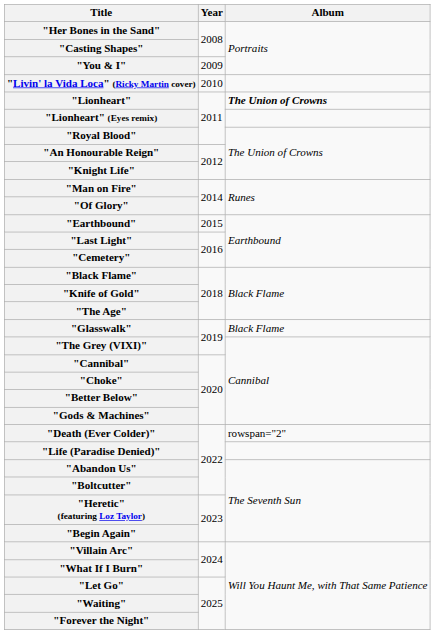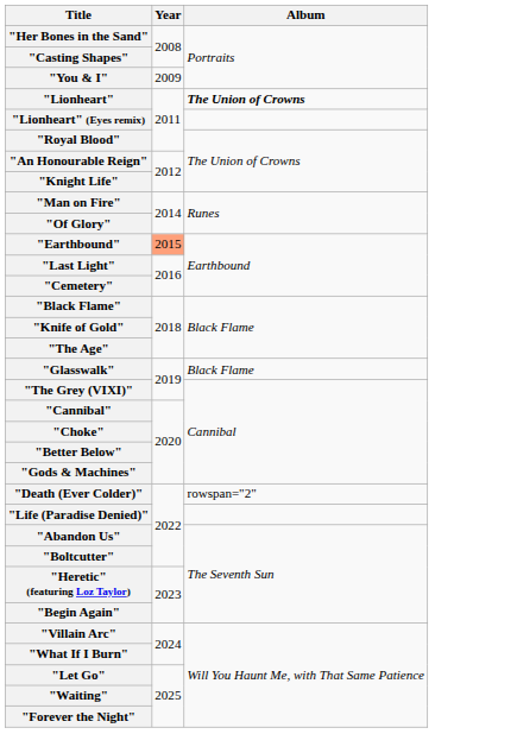 <table class="wikitable plainrowheaders">
 <tr>
 <th>Title</th>
 <th>Year</th>
 <th>Album</th>
 </tr>
 <tr>
 <th scope="row">"Her Bones in the Sand"</th>
 <td rowspan="2">2008</td>
 <td rowspan="3"><em>Portraits</em></td>
 </tr>
 <tr>
 <th scope="row">"Casting Shapes"</th>
 </tr>
 <tr>
 <th scope="row">"You & I"</th>
 <td>2009</td>
-</tr>
-<tr>
-<th scope="row">"<a href='#'>Livin' la Vida Loca</a>" <small>(<a href='#'>Ricky Martin</a> cover)</small></th>
-<td>2010</td>
-<td></td>
 </tr>
 <tr>
 <th scope="row">"Lionheart"</th>
 <td rowspan="3">2011</td>
 <td><strong><em>The Union of Crowns</em></strong></td>
 </tr>
 <tr>
 <th scope="row">"Lionheart" <small>(Eyes remix)</small></th>
 <td></td>
 </tr>
 <tr>
 <th scope="row">"Royal Blood"</th>
 <td rowspan="3"><em>The Union of Crowns</em></td>
 </tr>
 <tr>
 <th scope="row">"An Honourable Reign"</th>
 <td rowspan="2">2012</td>
 </tr>
 <tr>
 <th scope="row">"Knight Life"</th>
 </tr>
 <tr>
 <th scope="row">"Man on Fire"</th>
 <td rowspan="2">2014</td>
 <td rowspan="2"><em>Runes</em></td>
 </tr>
 <tr>
 <th scope="row">"Of Glory"</th>
 </tr>
 <tr>
 <th scope="row">"Earthbound"</th>
-<td>2015</td>
+<td style="background: lightsalmon;">2015</td>
 <td rowspan="3"><em>Earthbound</em></td>
 </tr>
 <tr>
 <th scope="row">"Last Light"</th>
 <td rowspan="2">2016</td>
 </tr>
 <tr>
 <th scope="row">"Cemetery"</th>
 </tr>
 <tr>
 <th scope="row">"Black Flame"</th>
 <td rowspan="3">2018</td>
 <td rowspan="3"><em>Black Flame</em></td>
 </tr>
 <tr>
 <th scope="row">"Knife of Gold"</th>
 </tr>
 <tr>
 <th scope="row">"The Age"</th>
 </tr>
 <tr>
 <th scope="row">"Glasswalk"</th>
 <td rowspan="2">2019</td>
 <td><em>Black Flame</em> </td>
 </tr>
 <tr>
 <th scope="row">"The Grey (VIXI)"</th>
 <td rowspan="5"><em>Cannibal</em></td>
 </tr>
 <tr>
 <th scope="row">"Cannibal"</th>
 <td rowspan="4">2020</td>
 </tr>
 <tr>
 <th scope="row">"Choke"</th>
 </tr>
 <tr>
 <th scope="row">"Better Below"</th>
 </tr>
 <tr>
 <th scope="row">"Gods & Machines"</th>
 </tr>
 <tr>
 <th scope="row">"Death (Ever Colder)"</th>
 <td rowspan="4">2022</td>
 <td>rowspan="2" </td>
 </tr>
 <tr>
 <th scope="row">"Life (Paradise Denied)"</th>
 </tr>
 <tr>
 <th scope="row">"Abandon Us"</th>
 <td rowspan="4"><em>The Seventh Sun</em></td>
 </tr>
 <tr>
 <th scope="row">"Boltcutter"</th>
 </tr>
 <tr>
 <th scope="row">"Heretic"<br><small>(featuring <a href='#'>Loz Taylor</a>)</small></th>
 <td rowspan="2">2023</td>
 </tr>
 <tr>
 <th scope="row">"Begin Again"</th>
 </tr>
 <tr>
 <th scope="row">"Villain Arc"</th>
 <td rowspan="2">2024</td>
 <td rowspan="5"><em>Will You Haunt Me, with That Same Patience</em></td>
 </tr>
 <tr>
 <th scope="row">"What If I Burn"</th>
 </tr>
 <tr>
 <th scope="row">"Let Go"</th>
 <td rowspan="3">2025</td>
 </tr>
 <tr>
 <th scope="row">"Waiting"</th>
 </tr>
 <tr>
 <th scope="row">"Forever the Night"</th>
 </tr>
 </table>
